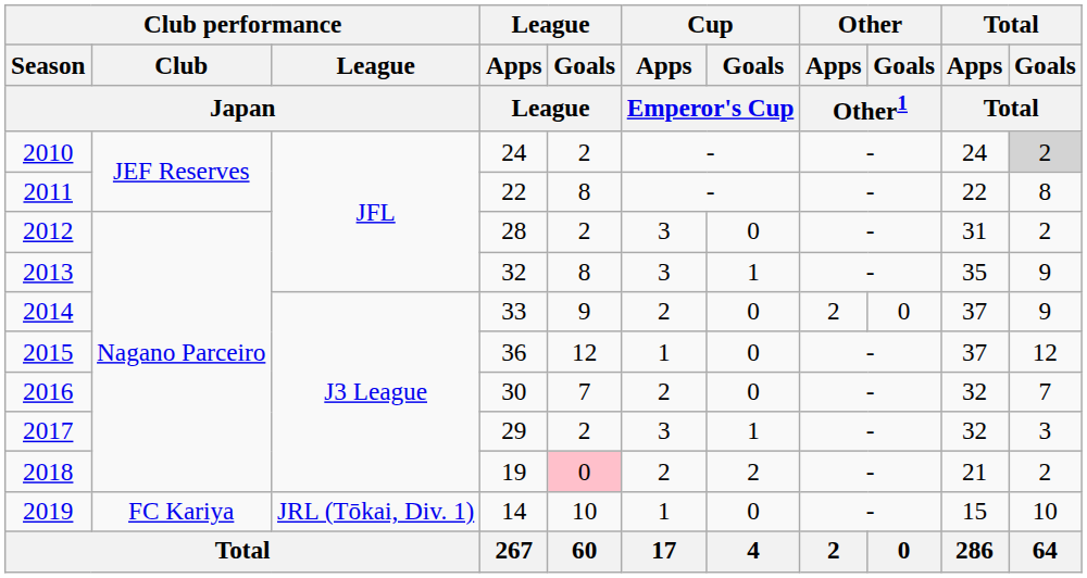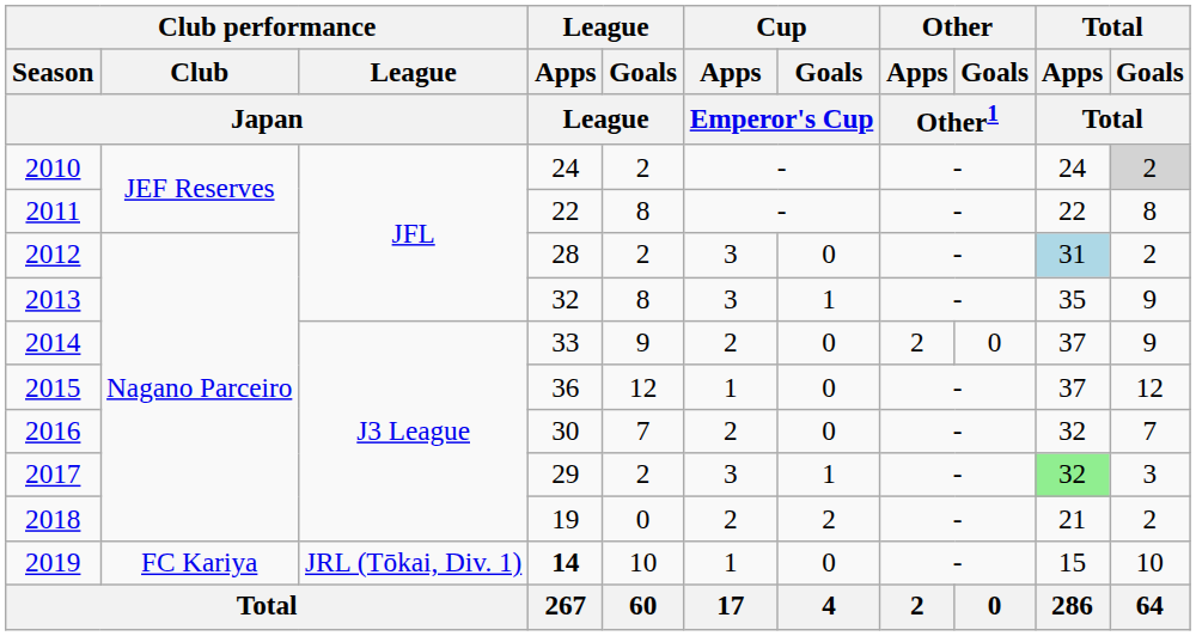 <table class="wikitable" style="text-align:center;">
 <tr>
 <th colspan=3>Club performance</th>
 <th colspan=2>League</th>
 <th colspan=2>Cup</th>
 <th colspan=2>Other</th>
 <th colspan=2>Total</th>
 </tr>
 <tr>
 <th>Season</th>
 <th>Club</th>
 <th>League</th>
 <th>Apps</th>
 <th>Goals</th>
 <th>Apps</th>
 <th>Goals</th>
 <th>Apps</th>
 <th>Goals</th>
 <th>Apps</th>
 <th>Goals</th>
 </tr>
 <tr>
 <th colspan=3>Japan</th>
 <th colspan=2>League</th>
 <th colspan=2><a href='#'>Emperor's Cup</a></th>
 <th colspan="2">Other<sup><a href='#'>1</a></sup></th>
 <th colspan=2>Total</th>
 </tr>
 <tr>
 <td><a href='#'>2010</a></td>
 <td rowspan="2"><a href='#'>JEF Reserves</a></td>
 <td rowspan="4"><a href='#'>JFL</a></td>
 <td>24</td>
 <td>2</td>
 <td colspan="2">-</td>
 <td colspan="2">-</td>
 <td>24</td>
 <td style="background: lightgrey;">2</td>
 </tr>
 <tr>
 <td><a href='#'>2011</a></td>
 <td>22</td>
 <td>8</td>
 <td colspan="2">-</td>
 <td colspan="2">-</td>
 <td>22</td>
 <td>8</td>
 </tr>
 <tr>
 <td><a href='#'>2012</a></td>
 <td rowspan="7"><a href='#'>Nagano Parceiro</a></td>
 <td>28</td>
 <td>2</td>
 <td>3</td>
 <td>0</td>
 <td colspan="2">-</td>
-<td>31</td>
+<td style="background: lightblue;">31</td>
 <td>2</td>
 </tr>
 <tr>
 <td><a href='#'>2013</a></td>
 <td>32</td>
 <td>8</td>
 <td>3</td>
 <td>1</td>
 <td colspan="2">-</td>
 <td>35</td>
 <td>9</td>
 </tr>
 <tr>
 <td><a href='#'>2014</a></td>
 <td rowspan="5"><a href='#'>J3 League</a></td>
 <td>33</td>
 <td>9</td>
 <td>2</td>
 <td>0</td>
 <td>2</td>
 <td>0</td>
 <td>37</td>
 <td>9</td>
 </tr>
 <tr>
 <td><a href='#'>2015</a></td>
 <td>36</td>
 <td>12</td>
 <td>1</td>
 <td>0</td>
 <td colspan="2">-</td>
 <td>37</td>
 <td>12</td>
 </tr>
 <tr>
 <td><a href='#'>2016</a></td>
 <td>30</td>
 <td>7</td>
 <td>2</td>
 <td>0</td>
 <td colspan="2">-</td>
 <td>32</td>
 <td>7</td>
 </tr>
 <tr>
 <td><a href='#'>2017</a></td>
 <td>29</td>
 <td>2</td>
 <td>3</td>
 <td>1</td>
 <td colspan="2">-</td>
-<td>32</td>
+<td style="background: lightgreen;">32</td>
 <td>3</td>
 </tr>
 <tr>
 <td><a href='#'>2018</a></td>
 <td>19</td>
-<td style="background: pink;">0</td>
+<td>0</td>
 <td>2</td>
 <td>2</td>
 <td colspan="2">-</td>
 <td>21</td>
 <td>2</td>
 </tr>
 <tr>
 <td><a href='#'>2019</a></td>
 <td rowspan="1"><a href='#'>FC Kariya</a></td>
 <td rowspan="1"><a href='#'>JRL (Tōkai, Div. 1)</a></td>
-<td>14</td>
+<td><strong>14</strong></td>
 <td>10</td>
 <td>1</td>
 <td>0</td>
 <td colspan="2">-</td>
 <td>15</td>
 <td>10</td>
 </tr>
 <tr>
 <th colspan=3>Total</th>
 <th>267</th>
 <th>60</th>
 <th>17</th>
 <th>4</th>
 <th>2</th>
 <th>0</th>
 <th>286</th>
 <th>64</th>
 </tr>
 </table>
